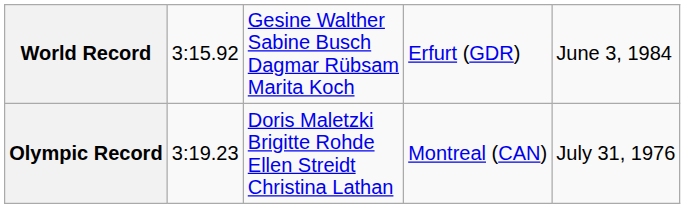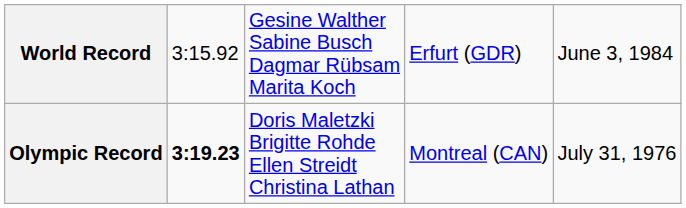 <table class="wikitable" style="text-align:left">
 <tr>
 <th>World Record</th>
 <td>3:15.92</td>
 <td><a href='#'>Gesine Walther</a><br><a href='#'>Sabine Busch</a><br><a href='#'>Dagmar Rübsam</a><br> <a href='#'>Marita Koch</a></td>
 <td><a href='#'>Erfurt</a> (<a href='#'>GDR</a>)</td>
 <td>June 3, 1984</td>
 </tr>
 <tr>
 <th>Olympic Record</th>
-<td>3:19.23</td>
+<td><strong>3:19.23</strong></td>
 <td> <a href='#'>Doris Maletzki</a><br> <a href='#'>Brigitte Rohde</a> <br> <a href='#'>Ellen Streidt</a><br> <a href='#'>Christina Lathan</a></td>
 <td><a href='#'>Montreal</a> (<a href='#'>CAN</a>)</td>
 <td>July 31, 1976</td>
 </tr>
 </table>
